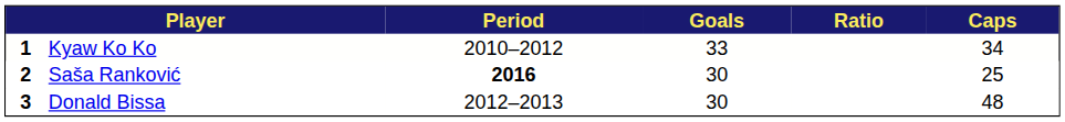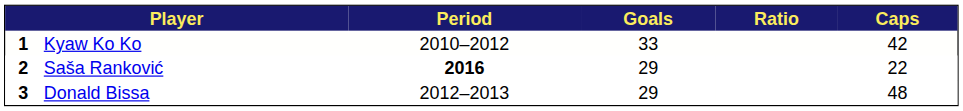 <table align="left" cellpadding="2" cellspacing="0"  style="margin: 1em 0; border: 1px solid #000000; border-right-width: 1px; border-bottom-width: 1px; background-color:#FFFFFD; width:64%; font-size: 95%;">
 <tr style="background:white;">
 </tr>
 <tr style="background:#191970; color:#FBEC5D;">
 <th colspan=2 align="center">Player</th>
 <th align="center" abbr="Period">Period</th>
 <th align="center">Goals</th>
 <th align="center">Ratio</th>
 <th align="center">Caps</th>
 </tr>
 <tr>
 <th>1</th>
 <td> <a href='#'>Kyaw Ko Ko</a></td>
 <td align="center">2010–2012</td>
 <td align="center">33</td>
 <td></td>
-<td align="center">34</td>
+<td align="center">42</td>
 </tr>
 <tr style="background:white;"|>
 <th>2</th>
 <td> <a href='#'>Saša Ranković</a></td>
 <td align="center"><strong>2016</strong></td>
-<td align="center">30</td>
+<td align="center">29</td>
 <td></td>
-<td align="center">25</td>
+<td align="center">22</td>
 </tr>
 <tr style="background:white;"|>
 <th>3</th>
 <td> <a href='#'>Donald Bissa</a></td>
 <td align="center">2012–2013</td>
-<td align="center">30</td>
+<td align="center">29</td>
 <td></td>
 <td align="center">48</td>
 </tr>
 <tr style="background:white;"|>
 </tr>
 </table>
